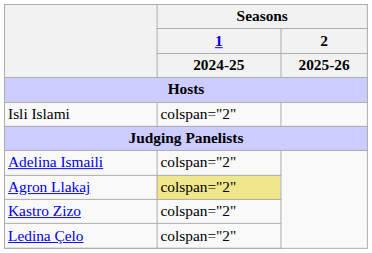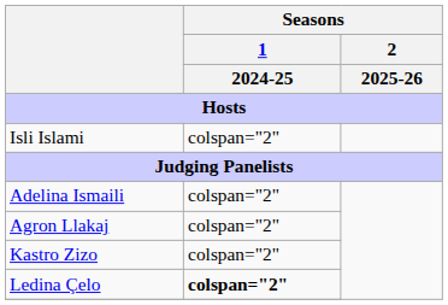 <table class="wikitable plainrowheaders" style="width: 30%;">
 <tr>
 <th scope="col" rowspan="3"></th>
 <th colspan="2" scope="col">Seasons</th>
 </tr>
 <tr>
 <th scope="col"><a href='#'>1</a></th>
 <th scope="col">2</th>
 </tr>
 <tr>
 <th scope="col">2024-25</th>
 <th scope="col">2025-26</th>
 </tr>
 <tr>
 <th colspan="3" style="background-color:#ccccff;">Hosts</th>
 </tr>
 <tr>
 <td>Isli Islami</td>
 <td>colspan="2" </td>
 </tr>
 <tr>
 <th colspan="3" style="background-color:#ccccff;">Judging Panelists</th>
 </tr>
 <tr>
 <td><a href='#'>Adelina Ismaili</a></td>
 <td>colspan="2" </td>
 </tr>
 <tr>
 <td><a href='#'>Agron Llakaj</a></td>
-<td style="background: khaki;">colspan="2" </td>
+<td>colspan="2" </td>
 </tr>
 <tr>
 <td><a href='#'>Kastro Zizo</a></td>
 <td>colspan="2" </td>
 </tr>
 <tr>
 <td><a href='#'>Ledina Çelo</a></td>
-<td>colspan="2" </td>
+<td><strong>colspan="2" </strong></td>
 </tr>
 <tr>
 </tr>
 </table>
